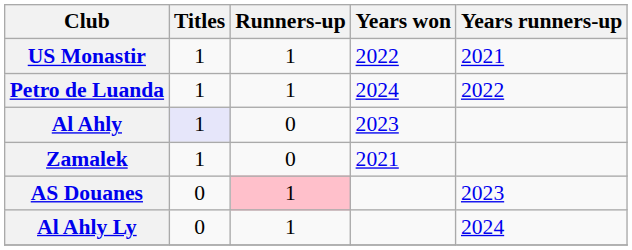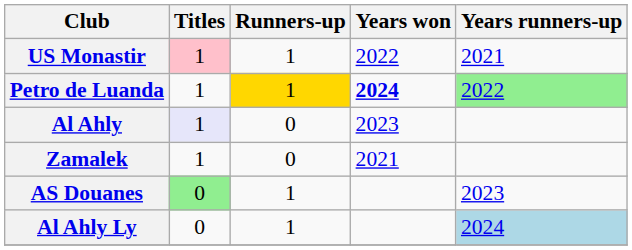 <table class="wikitable plainrowheaders sortable">
 <tr>
 <th scope="col">Club</th>
 <th scope="col">Titles</th>
 <th scope="col">Runners-up</th>
 <th scope="col">Years won</th>
 <th scope="col">Years runners-up</th>
 </tr>
 <tr>
 <th align="left" scope="row"> <a href='#'>US Monastir</a></th>
-<td align="center">1</td>
+<td align="center" style="background: pink;">1</td>
 <td align="center">1</td>
 <td><a href='#'>2022</a></td>
 <td><a href='#'>2021</a></td>
 </tr>
 <tr>
 <th align="left" scope="row"> <a href='#'>Petro de Luanda</a></th>
 <td align="center">1</td>
-<td align="center">1</td>
-<td><a href='#'>2024</a></td>
-<td><a href='#'>2022</a></td>
+<td align="center" style="background: gold;">1</td>
+<td><strong><a href='#'>2024</a></strong></td>
+<td style="background: lightgreen;"><a href='#'>2022</a></td>
 </tr>
 <tr>
 <th align="left" scope="row"> <a href='#'>Al Ahly</a></th>
 <td align="center" style="background: lavender;">1</td>
 <td align="center">0</td>
 <td><a href='#'>2023</a></td>
 <td align="center"></td>
 </tr>
 <tr>
 <th align="left" scope="row"> <a href='#'>Zamalek</a></th>
 <td align="center">1</td>
 <td align="center">0</td>
 <td><a href='#'>2021</a></td>
 <td align="center"></td>
 </tr>
 <tr>
 <th align="left" scope="row"> <a href='#'>AS Douanes</a></th>
-<td align="center">0</td>
-<td align="center" style="background: pink;">1</td>
+<td align="center" style="background: lightgreen;">0</td>
+<td align="center">1</td>
 <td align="center"></td>
 <td><a href='#'>2023</a></td>
 </tr>
 <tr>
 <th align="left" scope="row"> <a href='#'>Al Ahly Ly</a></th>
 <td align="center">0</td>
 <td align="center">1</td>
 <td align="center"></td>
-<td><a href='#'>2024</a></td>
+<td style="background: lightblue;"><a href='#'>2024</a></td>
 </tr>
 <tr>
 </tr>
 </table>
